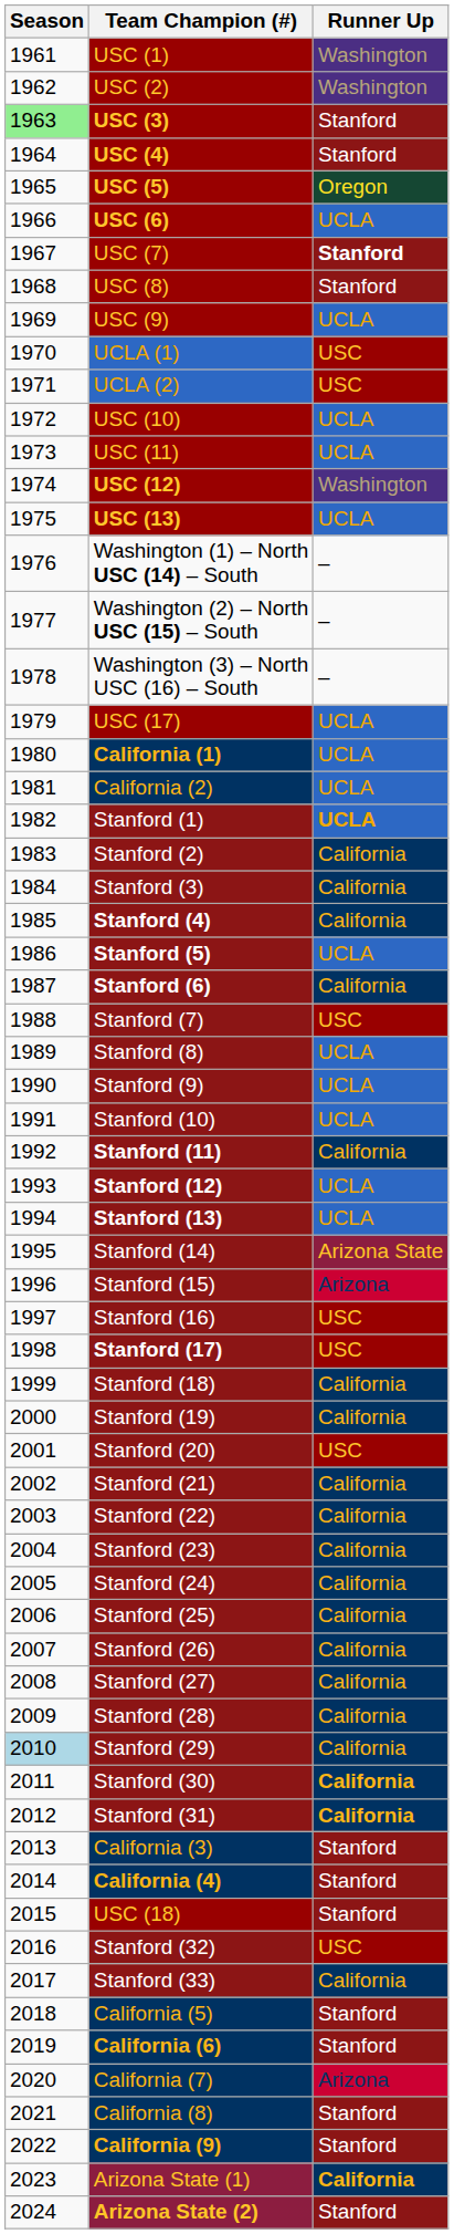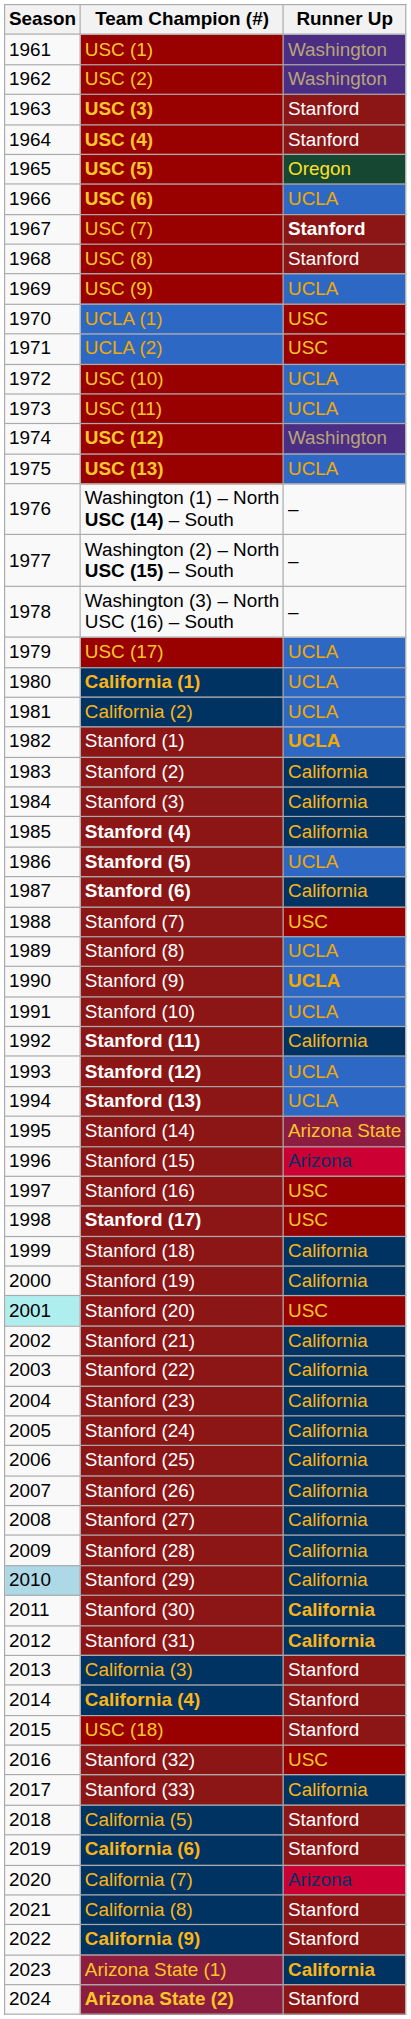 <table class="wikitable">
 <tr>
 <th>Season</th>
 <th>Team Champion (#)</th>
 <th>Runner Up</th>
 </tr>
 <tr>
 <td>1961</td>
 <td style="background:#990000; color:#FFC72C;">USC (1)</td>
 <td style="background:#4B2E83; color:#B7A57A;">Washington</td>
 </tr>
 <tr>
 <td>1962</td>
 <td style="background:#990000; color:#FFC72C;">USC (2)</td>
 <td style="background:#4B2E83; color:#B7A57A;">Washington</td>
 </tr>
 <tr>
-<td style="background: lightgreen;">1963</td>
+<td>1963</td>
 <td style="background:#990000; color:#FFC72C;"><strong>USC (3)</strong></td>
 <td style="background:#8C1515; color:#FFFFFF;">Stanford</td>
 </tr>
 <tr>
 <td>1964</td>
 <td style="background:#990000; color:#FFC72C;"><strong>USC (4)</strong></td>
 <td style="background:#8C1515; color:#FFFFFF;">Stanford</td>
 </tr>
 <tr>
 <td>1965</td>
 <td style="background:#990000; color:#FFC72C;"><strong>USC (5)</strong></td>
 <td style="background:#154733; color:#FEE123;">Oregon</td>
 </tr>
 <tr>
 <td>1966</td>
 <td style="background:#990000; color:#FFC72C;"><strong>USC (6)</strong></td>
 <td style="background:#2D68C4; color:#F2A900;">UCLA</td>
 </tr>
 <tr>
 <td>1967</td>
 <td style="background:#990000; color:#FFC72C;">USC (7)</td>
 <td style="background:#8C1515; color:#FFFFFF;"><strong>Stanford</strong></td>
 </tr>
 <tr>
 <td>1968</td>
 <td style="background:#990000; color:#FFC72C;">USC (8)</td>
 <td style="background:#8C1515; color:#FFFFFF;">Stanford</td>
 </tr>
 <tr>
 <td>1969</td>
 <td style="background:#990000; color:#FFC72C;">USC (9)</td>
 <td style="background:#2D68C4; color:#F2A900;">UCLA</td>
 </tr>
 <tr>
 <td>1970</td>
 <td style="background:#2D68C4; color:#F2A900;">UCLA (1)</td>
 <td style="background:#990000; color:#FFC72C;">USC</td>
 </tr>
 <tr>
 <td>1971</td>
 <td style="background:#2D68C4; color:#F2A900;">UCLA (2)</td>
 <td style="background:#990000; color:#FFC72C;">USC</td>
 </tr>
 <tr>
 <td>1972</td>
 <td style="background:#990000; color:#FFC72C;">USC (10)</td>
 <td style="background:#2D68C4; color:#F2A900;">UCLA</td>
 </tr>
 <tr>
 <td>1973</td>
 <td style="background:#990000; color:#FFC72C;">USC (11)</td>
 <td style="background:#2D68C4; color:#F2A900;">UCLA</td>
 </tr>
 <tr>
 <td>1974</td>
 <td style="background:#990000; color:#FFC72C;"><strong>USC (12)</strong></td>
 <td style="background:#4B2E83; color:#B7A57A;">Washington</td>
 </tr>
 <tr>
 <td>1975</td>
 <td style="background:#990000; color:#FFC72C;"><strong>USC (13)</strong></td>
 <td style="background:#2D68C4; color:#F2A900;">UCLA</td>
 </tr>
 <tr>
 <td>1976</td>
 <td>Washington (1) – North<br><strong>USC (14)</strong> – South</td>
 <td>–</td>
 </tr>
 <tr>
 <td>1977</td>
 <td>Washington (2) – North<br><strong>USC (15)</strong> – South</td>
 <td>–</td>
 </tr>
 <tr>
 <td>1978</td>
 <td>Washington (3) – North<br>USC (16) – South</td>
 <td>–</td>
 </tr>
 <tr>
 <td>1979</td>
 <td style="background:#990000; color:#FFC72C;">USC (17)</td>
 <td style="background:#2D68C4; color:#F2A900;">UCLA</td>
 </tr>
 <tr>
 <td>1980</td>
 <td style="background:#003262; color:#FDB515;"><strong>California (1)</strong></td>
 <td style="background:#2D68C4; color:#F2A900;">UCLA</td>
 </tr>
 <tr>
 <td>1981</td>
 <td style="background:#003262; color:#FDB515;">California (2)</td>
 <td style="background:#2D68C4; color:#F2A900;">UCLA</td>
 </tr>
 <tr>
 <td>1982</td>
 <td style="background:#8C1515; color:#FFFFFF;">Stanford (1)</td>
 <td style="background:#2D68C4; color:#F2A900;"><strong>UCLA</strong></td>
 </tr>
 <tr>
 <td>1983</td>
 <td style="background:#8C1515; color:#FFFFFF;">Stanford (2)</td>
 <td style="background:#003262; color:#FDB515;">California</td>
 </tr>
 <tr>
 <td>1984</td>
 <td style="background:#8C1515; color:#FFFFFF;">Stanford (3)</td>
 <td style="background:#003262; color:#FDB515;">California</td>
 </tr>
 <tr>
 <td>1985</td>
 <td style="background:#8C1515; color:#FFFFFF;"><strong>Stanford (4)</strong></td>
 <td style="background:#003262; color:#FDB515;">California</td>
 </tr>
 <tr>
 <td>1986</td>
 <td style="background:#8C1515; color:#FFFFFF;"><strong>Stanford (5)</strong></td>
 <td style="background:#2D68C4; color:#F2A900;">UCLA</td>
 </tr>
 <tr>
 <td>1987</td>
 <td style="background:#8C1515; color:#FFFFFF;"><strong>Stanford (6)</strong></td>
 <td style="background:#003262; color:#FDB515;">California</td>
 </tr>
 <tr>
 <td>1988</td>
 <td style="background:#8C1515; color:#FFFFFF;">Stanford (7)</td>
 <td style="background:#990000; color:#FFC72C;">USC</td>
 </tr>
 <tr>
 <td>1989</td>
 <td style="background:#8C1515; color:#FFFFFF;">Stanford (8)</td>
 <td style="background:#2D68C4; color:#F2A900;">UCLA</td>
 </tr>
 <tr>
 <td>1990</td>
 <td style="background:#8C1515; color:#FFFFFF;">Stanford (9)</td>
-<td style="background:#2D68C4; color:#F2A900;">UCLA</td>
+<td style="background:#2D68C4; color:#F2A900;"><strong>UCLA</strong></td>
 </tr>
 <tr>
 <td>1991</td>
 <td style="background:#8C1515; color:#FFFFFF;">Stanford (10)</td>
 <td style="background:#2D68C4; color:#F2A900;">UCLA</td>
 </tr>
 <tr>
 <td>1992</td>
 <td style="background:#8C1515; color:#FFFFFF;"><strong>Stanford (11)</strong></td>
 <td style="background:#003262; color:#FDB515;">California</td>
 </tr>
 <tr>
 <td>1993</td>
 <td style="background:#8C1515; color:#FFFFFF;"><strong>Stanford (12)</strong></td>
 <td style="background:#2D68C4; color:#F2A900;">UCLA</td>
 </tr>
 <tr>
 <td>1994</td>
 <td style="background:#8C1515; color:#FFFFFF;"><strong>Stanford (13)</strong></td>
 <td style="background:#2D68C4; color:#F2A900;">UCLA</td>
 </tr>
 <tr>
 <td>1995</td>
 <td style="background:#8C1515; color:#FFFFFF;">Stanford (14)</td>
 <td style="background:#8C1D40; color:#FFC627;">Arizona State</td>
 </tr>
 <tr>
 <td>1996</td>
 <td style="background:#8C1515; color:#FFFFFF;">Stanford (15)</td>
 <td style="background:#CC0033; color:#003366;">Arizona</td>
 </tr>
 <tr>
 <td>1997</td>
 <td style="background:#8C1515; color:#FFFFFF;">Stanford (16)</td>
 <td style="background:#990000; color:#FFC72C;">USC</td>
 </tr>
 <tr>
 <td>1998</td>
 <td style="background:#8C1515; color:#FFFFFF;"><strong>Stanford (17)</strong></td>
 <td style="background:#990000; color:#FFC72C;">USC</td>
 </tr>
 <tr>
 <td>1999</td>
 <td style="background:#8C1515; color:#FFFFFF;">Stanford (18)</td>
 <td style="background:#003262; color:#FDB515;">California</td>
 </tr>
 <tr>
 <td>2000</td>
 <td style="background:#8C1515; color:#FFFFFF;">Stanford (19)</td>
 <td style="background:#003262; color:#FDB515;">California</td>
 </tr>
 <tr>
-<td>2001</td>
+<td style="background: paleturquoise;">2001</td>
 <td style="background:#8C1515; color:#FFFFFF;">Stanford (20)</td>
 <td style="background:#990000; color:#FFC72C;">USC</td>
 </tr>
 <tr>
 <td>2002</td>
 <td style="background:#8C1515; color:#FFFFFF;">Stanford (21)</td>
 <td style="background:#003262; color:#FDB515;">California</td>
 </tr>
 <tr>
 <td>2003</td>
 <td style="background:#8C1515; color:#FFFFFF;">Stanford (22)</td>
 <td style="background:#003262; color:#FDB515;">California</td>
 </tr>
 <tr>
 <td>2004</td>
 <td style="background:#8C1515; color:#FFFFFF;">Stanford (23)</td>
 <td style="background:#003262; color:#FDB515;">California</td>
 </tr>
 <tr>
 <td>2005</td>
 <td style="background:#8C1515; color:#FFFFFF;">Stanford (24)</td>
 <td style="background:#003262; color:#FDB515;">California</td>
 </tr>
 <tr>
 <td>2006</td>
 <td style="background:#8C1515; color:#FFFFFF;">Stanford (25)</td>
 <td style="background:#003262; color:#FDB515;">California</td>
 </tr>
 <tr>
 <td>2007</td>
 <td style="background:#8C1515; color:#FFFFFF;">Stanford (26)</td>
 <td style="background:#003262; color:#FDB515;">California</td>
 </tr>
 <tr>
 <td>2008</td>
 <td style="background:#8C1515; color:#FFFFFF;">Stanford (27)</td>
 <td style="background:#003262; color:#FDB515;">California</td>
 </tr>
 <tr>
 <td>2009</td>
 <td style="background:#8C1515; color:#FFFFFF;">Stanford (28)</td>
 <td style="background:#003262; color:#FDB515;">California</td>
 </tr>
 <tr>
 <td style="background: lightblue;">2010</td>
 <td style="background:#8C1515; color:#FFFFFF;">Stanford (29)</td>
 <td style="background:#003262; color:#FDB515;">California</td>
 </tr>
 <tr>
 <td>2011</td>
 <td style="background:#8C1515; color:#FFFFFF;">Stanford (30)</td>
 <td style="background:#003262; color:#FDB515;"><strong>California</strong></td>
 </tr>
 <tr>
 <td>2012</td>
 <td style="background:#8C1515; color:#FFFFFF;">Stanford (31)</td>
 <td style="background:#003262; color:#FDB515;"><strong>California</strong></td>
 </tr>
 <tr>
 <td>2013</td>
 <td style="background:#003262; color:#FDB515;">California (3)</td>
 <td style="background:#8C1515; color:#FFFFFF;">Stanford</td>
 </tr>
 <tr>
 <td>2014</td>
 <td style="background:#003262; color:#FDB515;"><strong>California (4)</strong></td>
 <td style="background:#8C1515; color:#FFFFFF;">Stanford</td>
 </tr>
 <tr>
 <td>2015</td>
 <td style="background:#990000; color:#FFC72C;">USC (18)</td>
 <td style="background:#8C1515; color:#FFFFFF;">Stanford</td>
 </tr>
 <tr>
 <td>2016</td>
 <td style="background:#8C1515; color:#FFFFFF;">Stanford (32)</td>
 <td style="background:#990000; color:#FFC72C; ">USC</td>
 </tr>
 <tr>
 <td>2017</td>
 <td style="background:#8C1515; color:#FFFFFF;">Stanford (33)</td>
 <td style="background:#003262; color:#FDB515; ">California</td>
 </tr>
 <tr>
 <td>2018</td>
 <td style="background:#003262; color:#FDB515;">California (5)</td>
 <td style="background:#8C1515; color:#FFFFFF;">Stanford</td>
 </tr>
 <tr>
 <td>2019</td>
 <td style="background:#003262; color:#FDB515;"><strong>California (6)</strong></td>
 <td style="background:#8C1515; color:#FFFFFF;">Stanford</td>
 </tr>
 <tr>
 <td>2020</td>
 <td style="background:#003262; color:#FDB515;">California (7)</td>
 <td style="background:#CC0033; color:#003366;">Arizona</td>
 </tr>
 <tr>
 <td>2021</td>
 <td style="background:#003262; color:#FDB515;">California (8)</td>
 <td style="background:#8C1515; color:#FFFFFF;">Stanford</td>
 </tr>
 <tr>
 <td>2022</td>
 <td style="background:#003262; color:#FDB515;"><strong>California (9)</strong></td>
 <td style="background:#8C1515; color:#FFFFFF;">Stanford</td>
 </tr>
 <tr>
 <td>2023</td>
 <td style="background:#8C1D40; color:#FFC627;">Arizona State (1)</td>
 <td style="background:#003262; color:#FDB515;"><strong>California </strong></td>
 </tr>
 <tr>
 <td>2024</td>
 <td style="background:#8C1D40; color:#FFC627;"><strong>Arizona State (2)</strong></td>
 <td style="background:#8C1515; color:#FFFFFF;">Stanford</td>
 </tr>
 </table>
